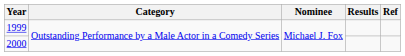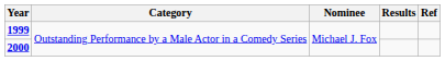 <table class="wikitable">
 <tr>
 <th>Year</th>
 <th>Category</th>
 <th>Nominee</th>
 <th>Results</th>
 <th>Ref</th>
 </tr>
 <tr>
-<td><a href='#'>1999</a></td>
+<td><strong><a href='#'>1999</a></strong></td>
 <td rowspan="2"><a href='#'>Outstanding Performance by a Male Actor in a Comedy Series</a></td>
 <td rowspan="2"><a href='#'>Michael J. Fox</a></td>
 <td></td>
 <td></td>
 </tr>
 <tr>
-<td><a href='#'>2000</a></td>
+<td><strong><a href='#'>2000</a></strong></td>
 <td></td>
 <td></td>
 </tr>
 </table>
